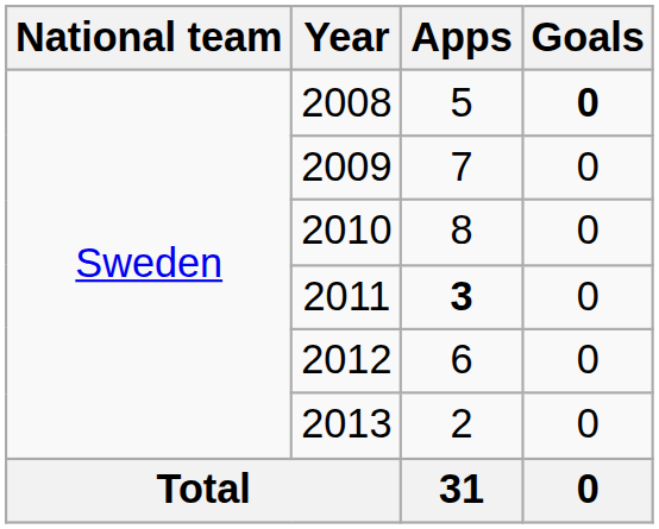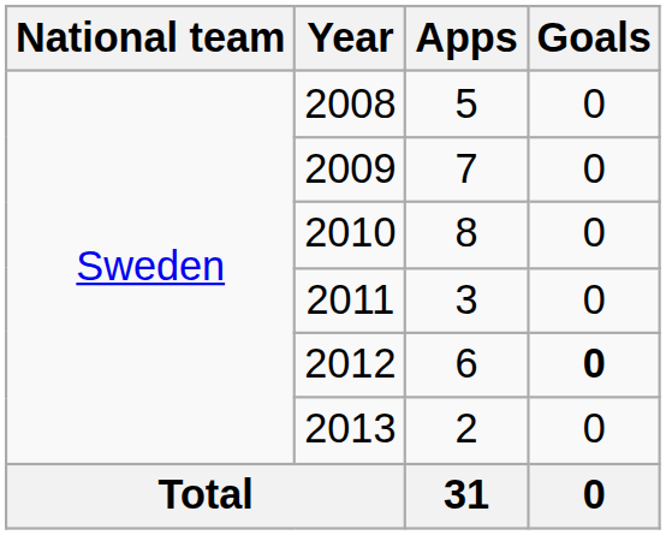 <table class="wikitable" style="text-align:center">
 <tr>
 <th>National team</th>
 <th>Year</th>
 <th>Apps</th>
 <th>Goals</th>
 </tr>
 <tr>
 <td rowspan="6"><a href='#'>Sweden</a></td>
 <td>2008</td>
 <td>5</td>
-<td><strong>0</strong></td>
+<td>0</td>
 </tr>
 <tr>
 <td>2009</td>
 <td>7</td>
 <td>0</td>
 </tr>
 <tr>
 <td>2010</td>
 <td>8</td>
 <td>0</td>
 </tr>
 <tr>
 <td>2011</td>
-<td><strong>3</strong></td>
+<td>3</td>
 <td>0</td>
 </tr>
 <tr>
 <td>2012</td>
 <td>6</td>
-<td>0</td>
+<td><strong>0</strong></td>
 </tr>
 <tr>
 <td>2013</td>
 <td>2</td>
 <td>0</td>
 </tr>
 <tr>
 <th colspan="2">Total</th>
 <th>31</th>
 <th>0</th>
 </tr>
 </table>
